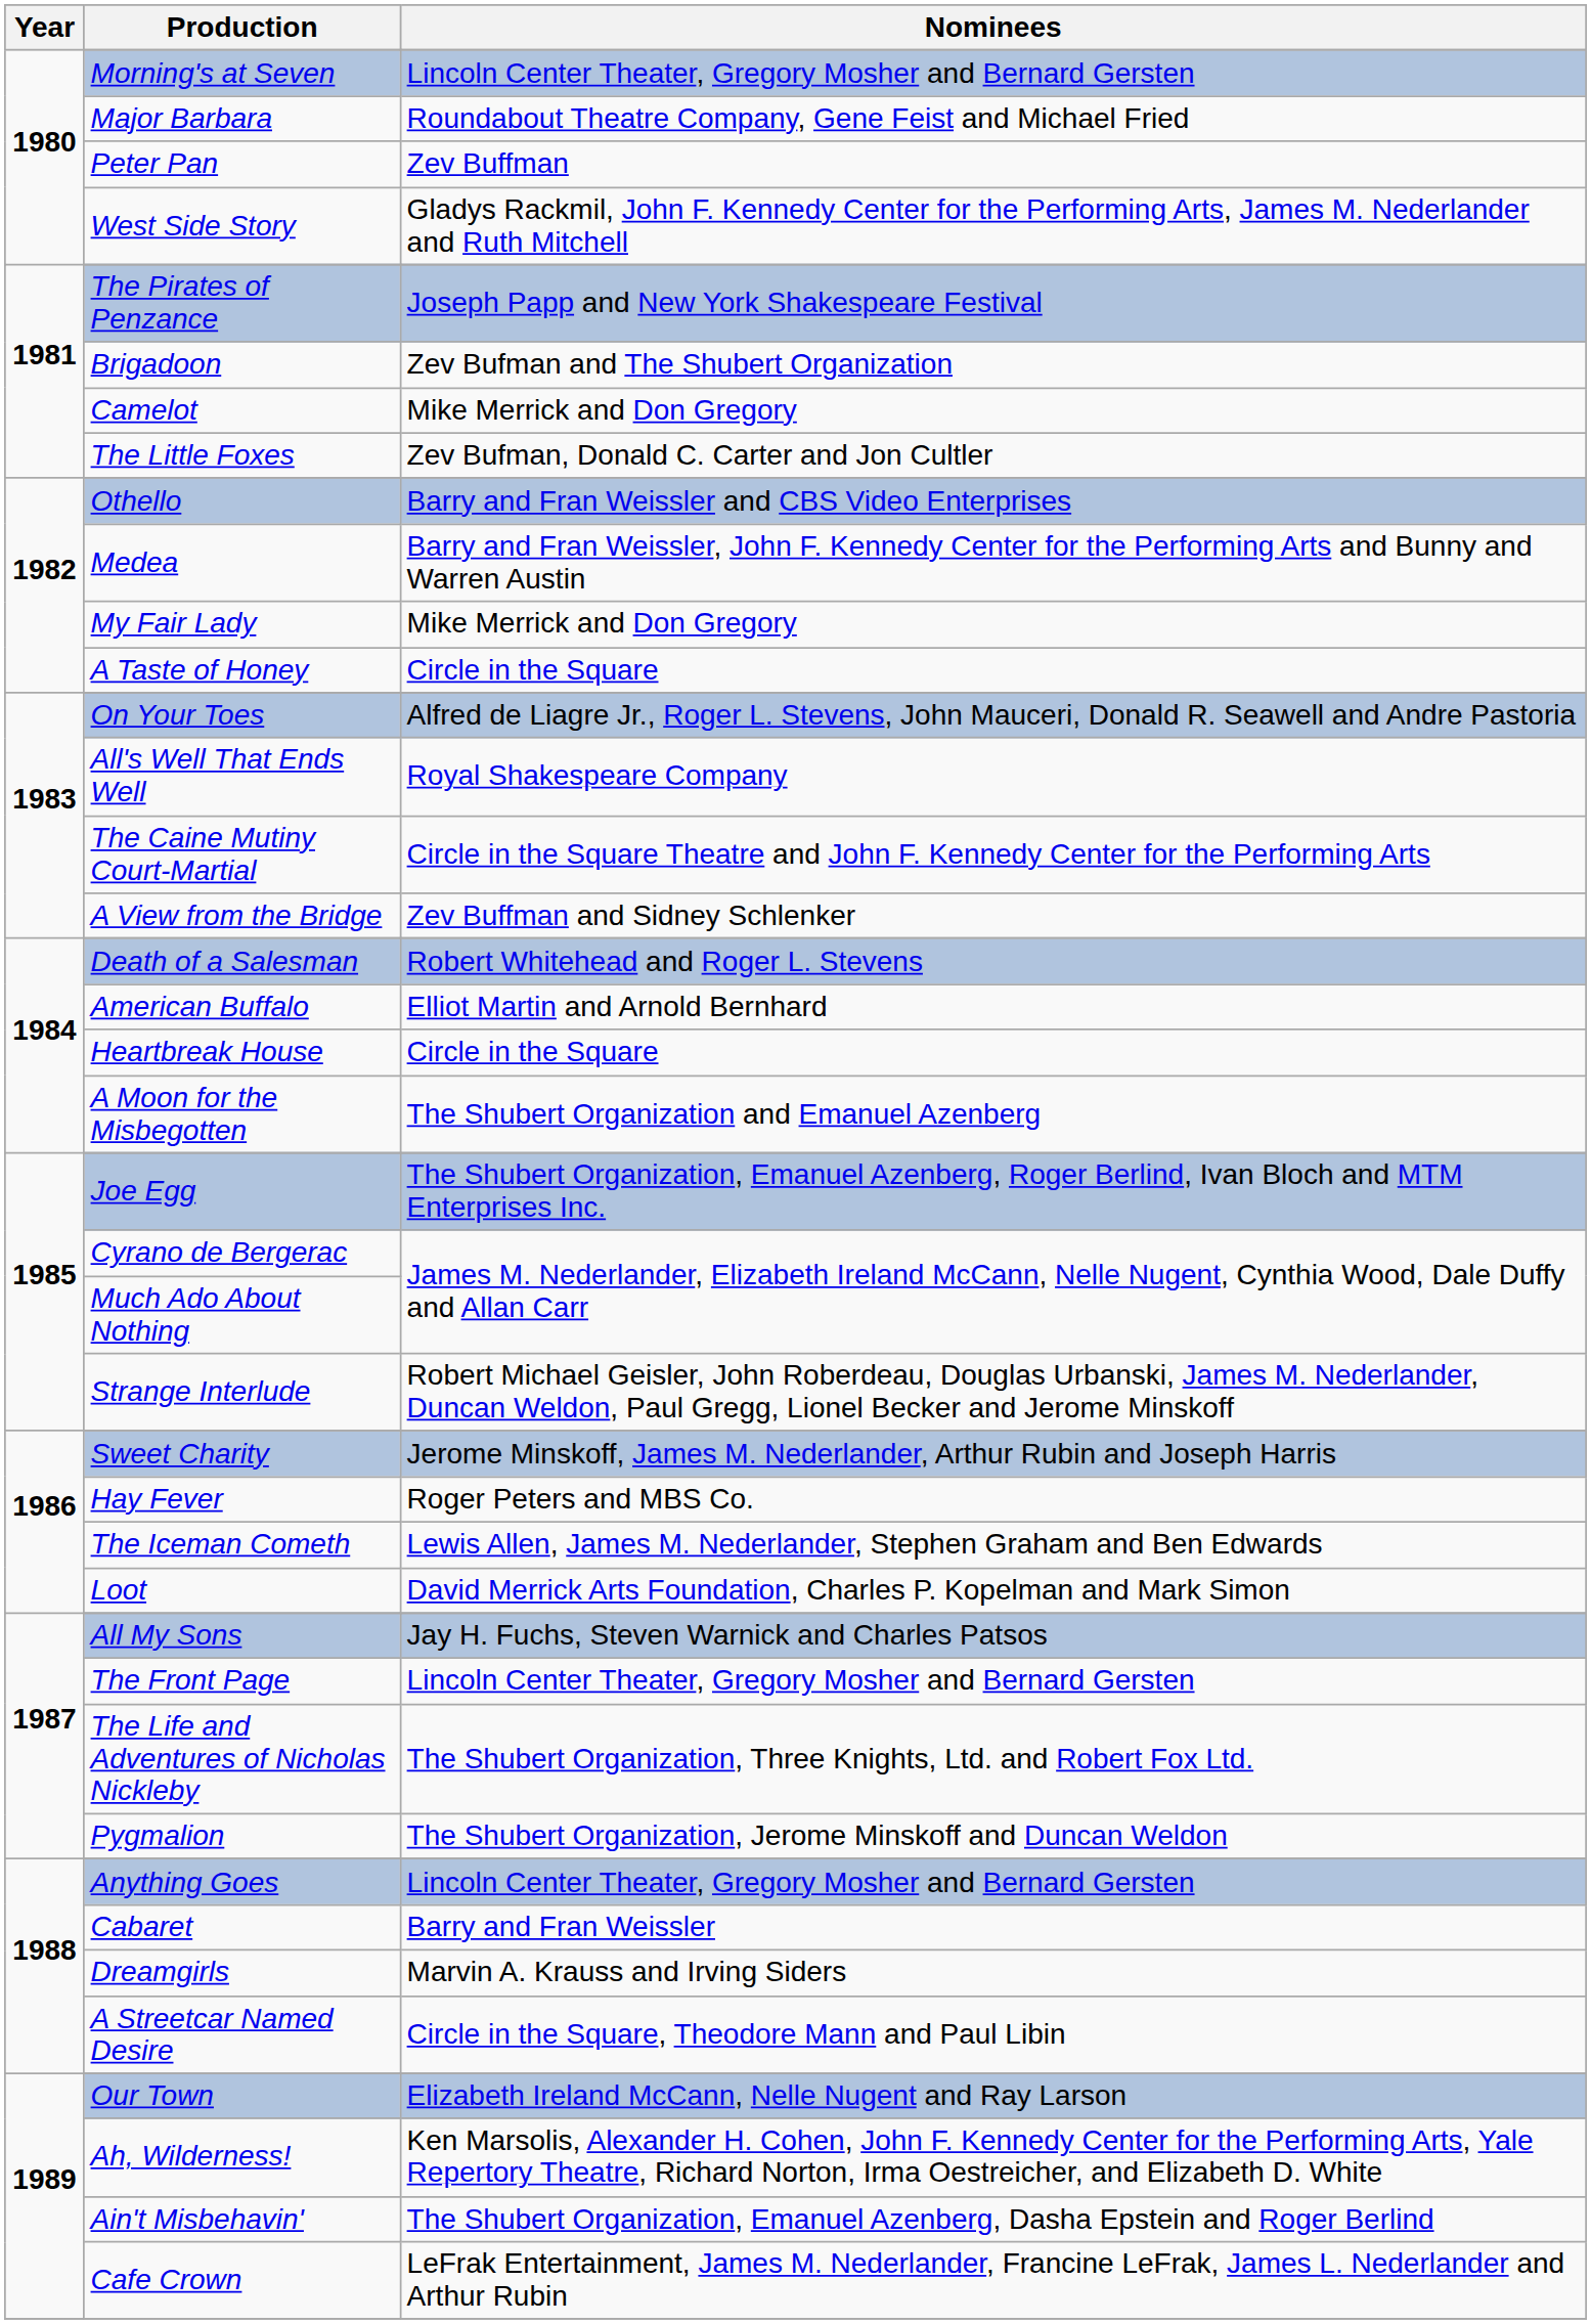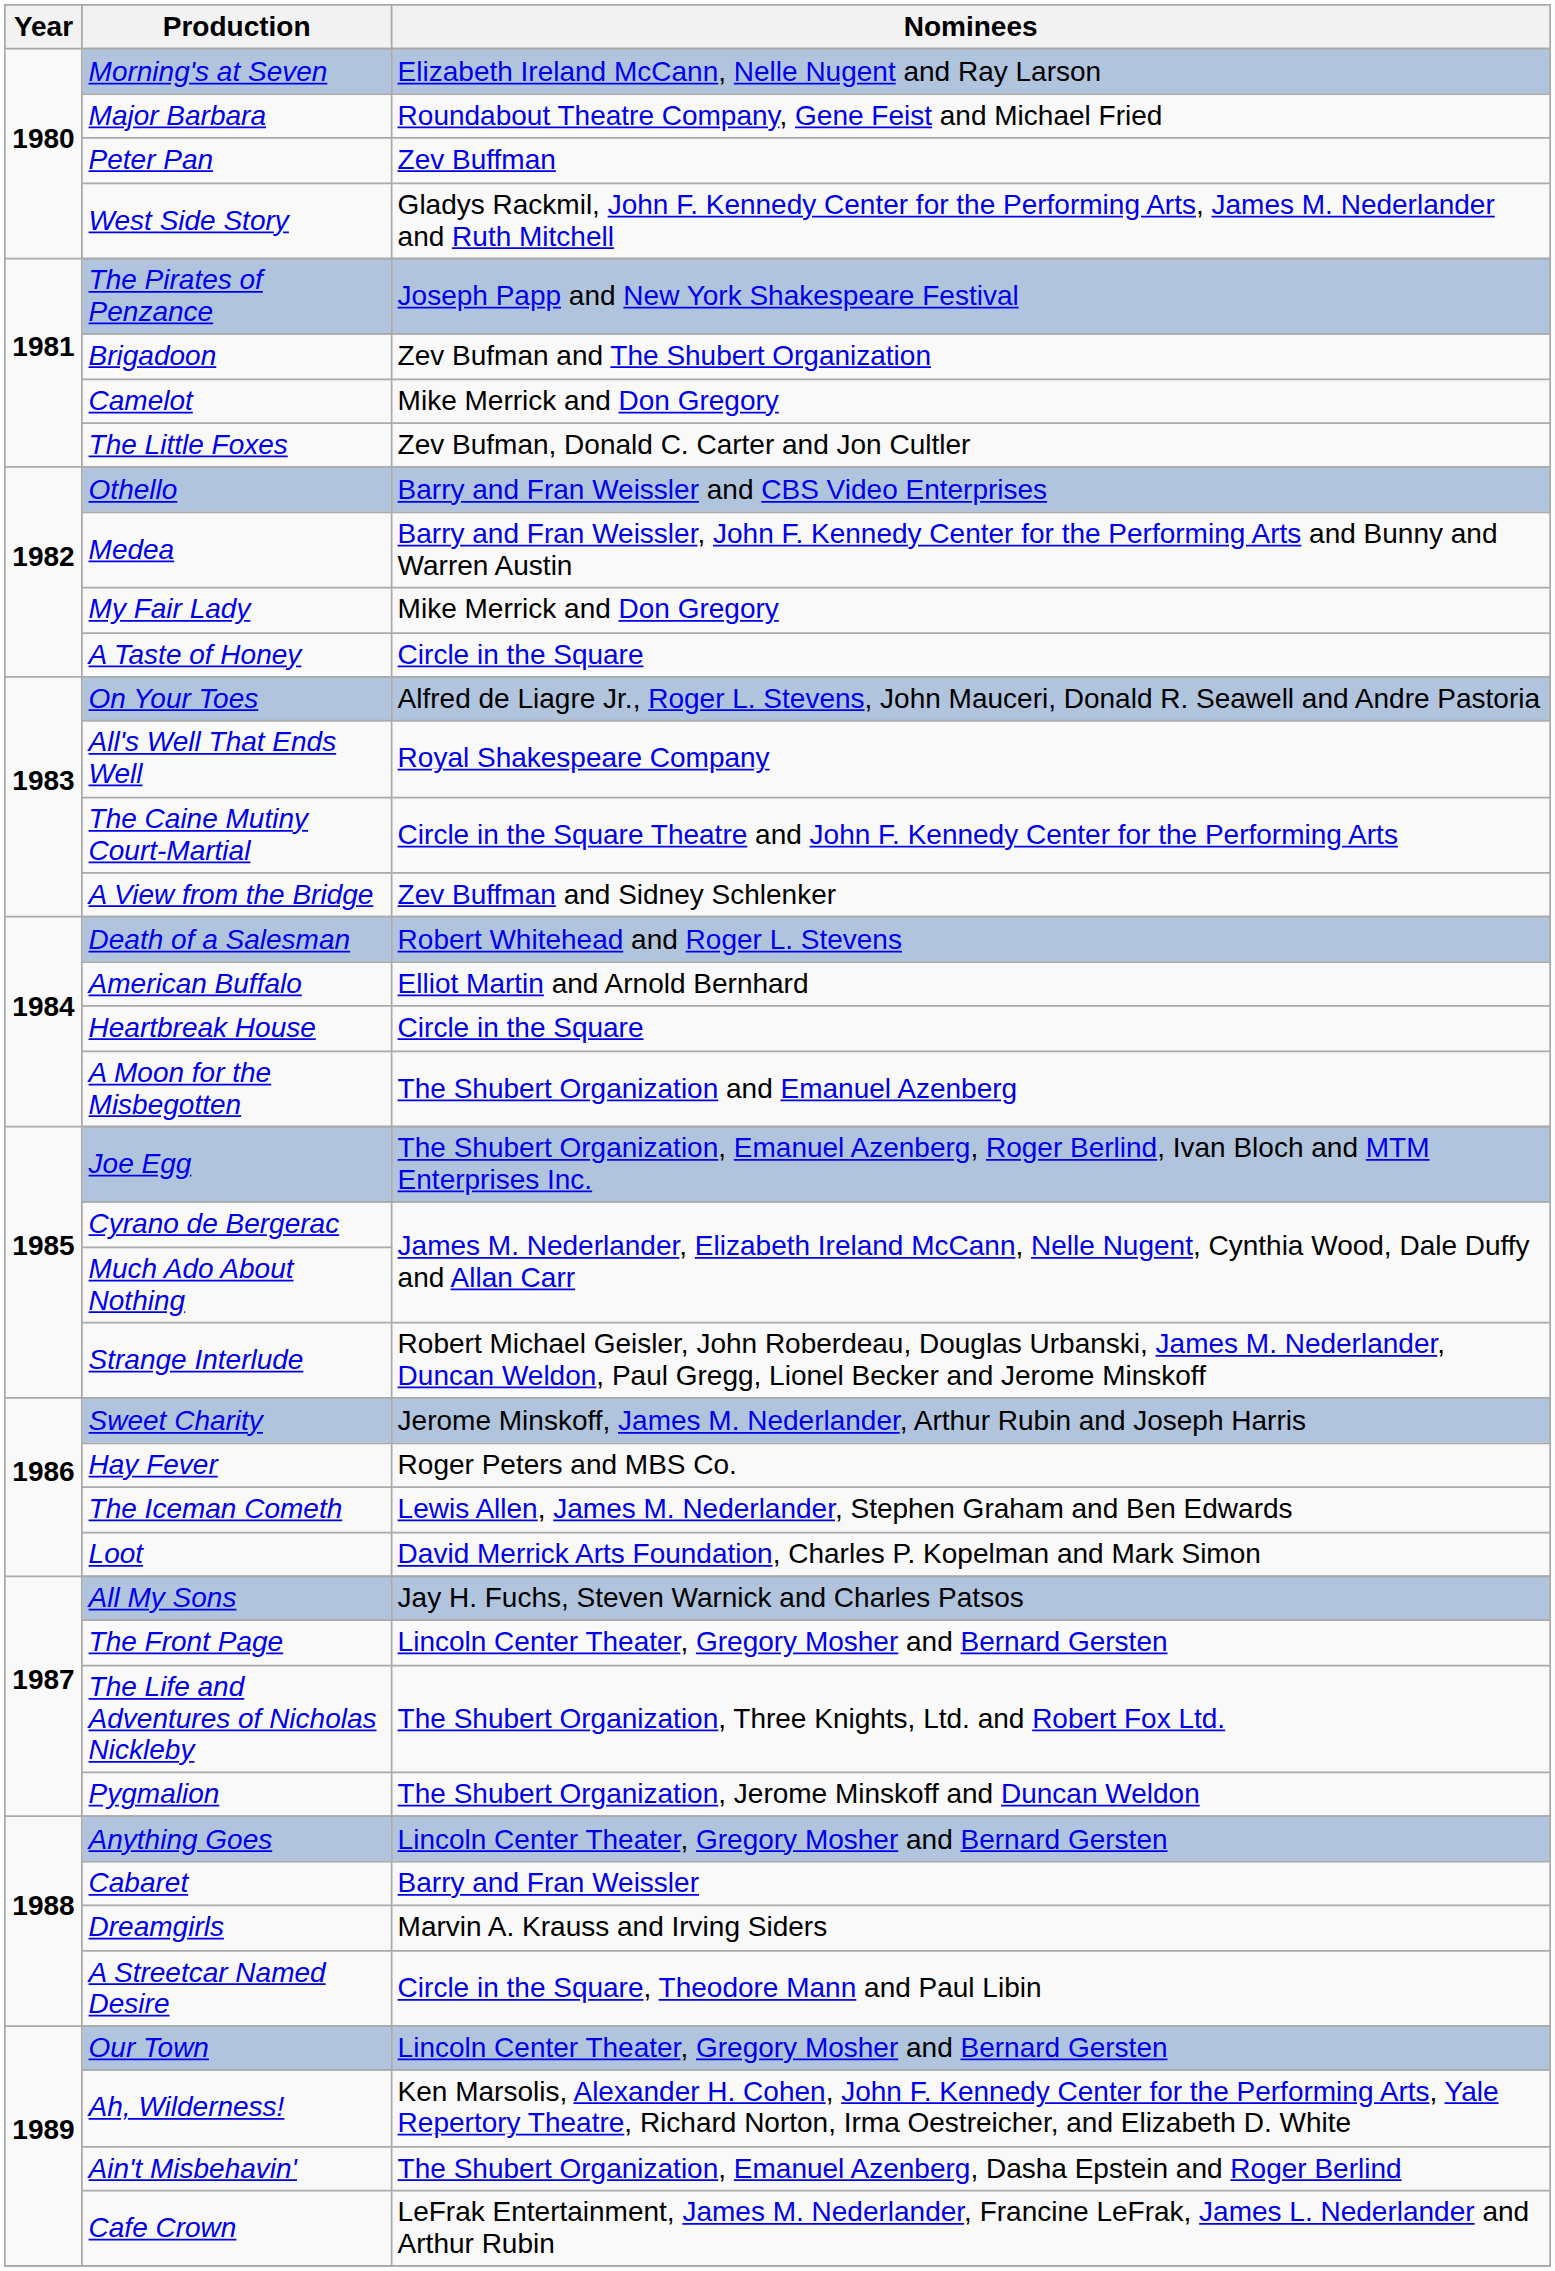 <table class="wikitable" style="width:100%;">
 <tr style="background:#bebebe;">
 <th style="width:5%;">Year</th>
 <th style="width:20%;">Production</th>
 <th style="width:75%;">Nominees</th>
 </tr>
 <tr>
 <td rowspan="5" align="center"><strong>1980</strong><br><br></td>
 </tr>
 <tr style="background:#B0C4DE">
 <td><em><a href='#'>Morning's at Seven</a></em></td>
-<td><a href='#'>Lincoln Center Theater</a>, <a href='#'>Gregory Mosher</a> and <a href='#'>Bernard Gersten</a></td>
+<td><a href='#'>Elizabeth Ireland McCann</a>, <a href='#'>Nelle Nugent</a> and Ray Larson</td>
 </tr>
 <tr>
 <td><em><a href='#'>Major Barbara</a></em></td>
 <td><a href='#'>Roundabout Theatre Company</a>, <a href='#'>Gene Feist</a> and Michael Fried</td>
 </tr>
 <tr>
 <td><em><a href='#'>Peter Pan</a></em></td>
 <td><a href='#'>Zev Buffman</a></td>
 </tr>
 <tr>
 <td><em><a href='#'>West Side Story</a></em></td>
 <td>Gladys Rackmil, <a href='#'>John F. Kennedy Center for the Performing Arts</a>, <a href='#'>James M. Nederlander</a> and <a href='#'>Ruth Mitchell</a></td>
 </tr>
 <tr>
 <td rowspan="5" align="center"><strong>1981</strong><br><br></td>
 </tr>
 <tr style="background:#B0C4DE">
 <td><em><a href='#'>The Pirates of Penzance</a></em></td>
 <td><a href='#'>Joseph Papp</a> and <a href='#'>New York Shakespeare Festival</a></td>
 </tr>
 <tr>
 <td><em><a href='#'>Brigadoon</a></em></td>
 <td>Zev Bufman and <a href='#'>The Shubert Organization</a></td>
 </tr>
 <tr>
 <td><em><a href='#'>Camelot</a></em></td>
 <td>Mike Merrick and <a href='#'>Don Gregory</a></td>
 </tr>
 <tr>
 <td><em><a href='#'>The Little Foxes</a></em></td>
 <td>Zev Bufman, Donald C. Carter and Jon Cultler</td>
 </tr>
 <tr>
 <td rowspan="5" align="center"><strong>1982</strong><br><br></td>
 </tr>
 <tr style="background:#B0C4DE">
 <td><em><a href='#'>Othello</a></em></td>
 <td><a href='#'>Barry and Fran Weissler</a> and <a href='#'>CBS Video Enterprises</a></td>
 </tr>
 <tr>
 <td><em><a href='#'>Medea</a></em></td>
 <td><a href='#'>Barry and Fran Weissler</a>, <a href='#'>John F. Kennedy Center for the Performing Arts</a> and Bunny and Warren Austin</td>
 </tr>
 <tr>
 <td><em><a href='#'>My Fair Lady</a></em></td>
 <td>Mike Merrick and <a href='#'>Don Gregory</a></td>
 </tr>
 <tr>
 <td><em><a href='#'>A Taste of Honey</a></em></td>
 <td><a href='#'>Circle in the Square</a></td>
 </tr>
 <tr>
 <td rowspan="5" align="center"><strong>1983</strong><br><br></td>
 </tr>
 <tr style="background:#B0C4DE">
 <td><em><a href='#'>On Your Toes</a></em></td>
 <td>Alfred de Liagre Jr., <a href='#'>Roger L. Stevens</a>, John Mauceri, Donald R. Seawell and Andre Pastoria</td>
 </tr>
 <tr>
 <td><em><a href='#'>All's Well That Ends Well</a></em></td>
 <td><a href='#'>Royal Shakespeare Company</a></td>
 </tr>
 <tr>
 <td><em><a href='#'>The Caine Mutiny Court-Martial</a></em></td>
 <td><a href='#'>Circle in the Square Theatre</a> and <a href='#'>John F. Kennedy Center for the Performing Arts</a></td>
 </tr>
 <tr>
 <td><em><a href='#'>A View from the Bridge</a></em></td>
 <td><a href='#'>Zev Buffman</a> and Sidney Schlenker</td>
 </tr>
 <tr>
 <td rowspan="5" align="center"><strong>1984</strong><br><br></td>
 </tr>
 <tr style="background:#B0C4DE">
 <td><em><a href='#'>Death of a Salesman</a></em></td>
 <td><a href='#'>Robert Whitehead</a> and <a href='#'>Roger L. Stevens</a></td>
 </tr>
 <tr>
 <td><em><a href='#'>American Buffalo</a></em></td>
 <td><a href='#'>Elliot Martin</a> and Arnold Bernhard</td>
 </tr>
 <tr>
 <td><em><a href='#'>Heartbreak House</a></em></td>
 <td><a href='#'>Circle in the Square</a></td>
 </tr>
 <tr>
 <td><em><a href='#'>A Moon for the Misbegotten</a></em></td>
 <td><a href='#'>The Shubert Organization</a> and <a href='#'>Emanuel Azenberg</a></td>
 </tr>
 <tr>
 <td rowspan="5" align="center"><strong>1985</strong><br><br></td>
 </tr>
 <tr style="background:#B0C4DE">
 <td><em><a href='#'>Joe Egg</a></em></td>
 <td><a href='#'>The Shubert Organization</a>, <a href='#'>Emanuel Azenberg</a>, <a href='#'>Roger Berlind</a>, Ivan Bloch and <a href='#'>MTM Enterprises Inc.</a></td>
 </tr>
 <tr>
 <td><em><a href='#'>Cyrano de Bergerac</a></em></td>
 <td rowspan=2><a href='#'>James M. Nederlander</a>, <a href='#'>Elizabeth Ireland McCann</a>, <a href='#'>Nelle Nugent</a>, Cynthia Wood, Dale Duffy and <a href='#'>Allan Carr</a></td>
 </tr>
 <tr>
 <td><em><a href='#'>Much Ado About Nothing</a></em></td>
 </tr>
 <tr>
 <td><em><a href='#'>Strange Interlude</a></em></td>
 <td>Robert Michael Geisler, John Roberdeau, Douglas Urbanski, <a href='#'>James M. Nederlander</a>, <a href='#'>Duncan Weldon</a>, Paul Gregg, Lionel Becker and Jerome Minskoff</td>
 </tr>
 <tr>
 <td rowspan="5" align="center"><strong>1986</strong><br><br></td>
 </tr>
 <tr style="background:#B0C4DE">
 <td><em><a href='#'>Sweet Charity</a></em></td>
 <td>Jerome Minskoff, <a href='#'>James M. Nederlander</a>, Arthur Rubin and Joseph Harris</td>
 </tr>
 <tr>
 <td><em><a href='#'>Hay Fever</a></em></td>
 <td>Roger Peters and MBS Co.</td>
 </tr>
 <tr>
 <td><em><a href='#'>The Iceman Cometh</a></em></td>
 <td><a href='#'>Lewis Allen</a>, <a href='#'>James M. Nederlander</a>, Stephen Graham and Ben Edwards</td>
 </tr>
 <tr>
 <td><em><a href='#'>Loot</a></em></td>
 <td><a href='#'>David Merrick Arts Foundation</a>, Charles P. Kopelman and Mark Simon</td>
 </tr>
 <tr>
 <td rowspan="5" align="center"><strong>1987</strong><br><br></td>
 </tr>
 <tr style="background:#B0C4DE">
 <td><em><a href='#'>All My Sons</a></em></td>
 <td>Jay H. Fuchs, Steven Warnick and Charles Patsos</td>
 </tr>
 <tr>
 <td><em><a href='#'>The Front Page</a></em></td>
 <td><a href='#'>Lincoln Center Theater</a>, <a href='#'>Gregory Mosher</a> and <a href='#'>Bernard Gersten</a></td>
 </tr>
 <tr>
 <td><em><a href='#'>The Life and Adventures of Nicholas Nickleby</a></em></td>
 <td><a href='#'>The Shubert Organization</a>, Three Knights, Ltd. and <a href='#'>Robert Fox Ltd.</a></td>
 </tr>
 <tr>
 <td><em><a href='#'>Pygmalion</a></em></td>
 <td><a href='#'>The Shubert Organization</a>, Jerome Minskoff and <a href='#'>Duncan Weldon</a></td>
 </tr>
 <tr>
 <td rowspan="5" style="text-align:center"><strong>1988</strong><br><br></td>
 </tr>
 <tr style="background:#B0C4DE">
 <td><em><a href='#'>Anything Goes</a></em></td>
 <td><a href='#'>Lincoln Center Theater</a>, <a href='#'>Gregory Mosher</a> and <a href='#'>Bernard Gersten</a></td>
 </tr>
 <tr>
 <td><em><a href='#'>Cabaret</a></em></td>
 <td><a href='#'>Barry and Fran Weissler</a></td>
 </tr>
 <tr>
 <td><em><a href='#'>Dreamgirls</a></em></td>
 <td>Marvin A. Krauss and Irving Siders</td>
 </tr>
 <tr>
 <td><em><a href='#'>A Streetcar Named Desire</a></em></td>
 <td><a href='#'>Circle in the Square</a>, <a href='#'>Theodore Mann</a> and Paul Libin</td>
 </tr>
 <tr>
 <td rowspan="5" align="center"><strong>1989</strong><br><br></td>
 </tr>
 <tr style="background:#B0C4DE">
 <td><em><a href='#'>Our Town</a></em></td>
-<td><a href='#'>Elizabeth Ireland McCann</a>, <a href='#'>Nelle Nugent</a> and Ray Larson</td>
+<td><a href='#'>Lincoln Center Theater</a>, <a href='#'>Gregory Mosher</a> and <a href='#'>Bernard Gersten</a></td>
 </tr>
 <tr>
 <td><em><a href='#'>Ah, Wilderness!</a></em></td>
 <td>Ken Marsolis, <a href='#'>Alexander H. Cohen</a>, <a href='#'>John F. Kennedy Center for the Performing Arts</a>, <a href='#'>Yale Repertory Theatre</a>, Richard Norton, Irma Oestreicher, and Elizabeth D. White</td>
 </tr>
 <tr>
 <td><em><a href='#'>Ain't Misbehavin'</a></em></td>
 <td><a href='#'>The Shubert Organization</a>, <a href='#'>Emanuel Azenberg</a>, Dasha Epstein and <a href='#'>Roger Berlind</a></td>
 </tr>
 <tr>
 <td><em><a href='#'>Cafe Crown</a></em></td>
 <td>LeFrak Entertainment, <a href='#'>James M. Nederlander</a>, Francine LeFrak, <a href='#'>James L. Nederlander</a> and Arthur Rubin</td>
 </tr>
 <tr>
 </tr>
 </table>
